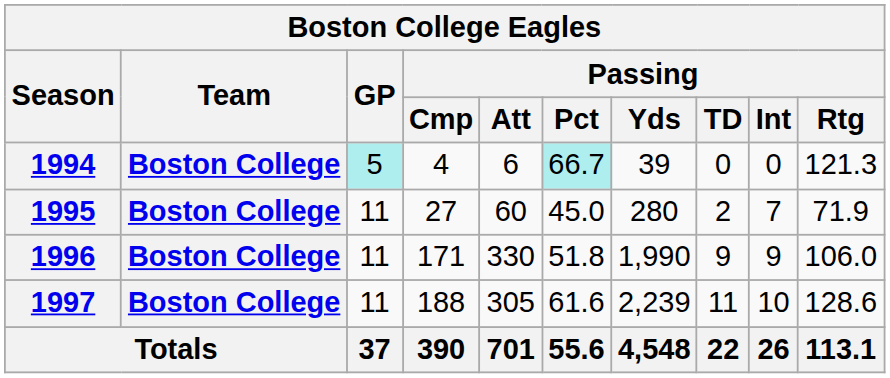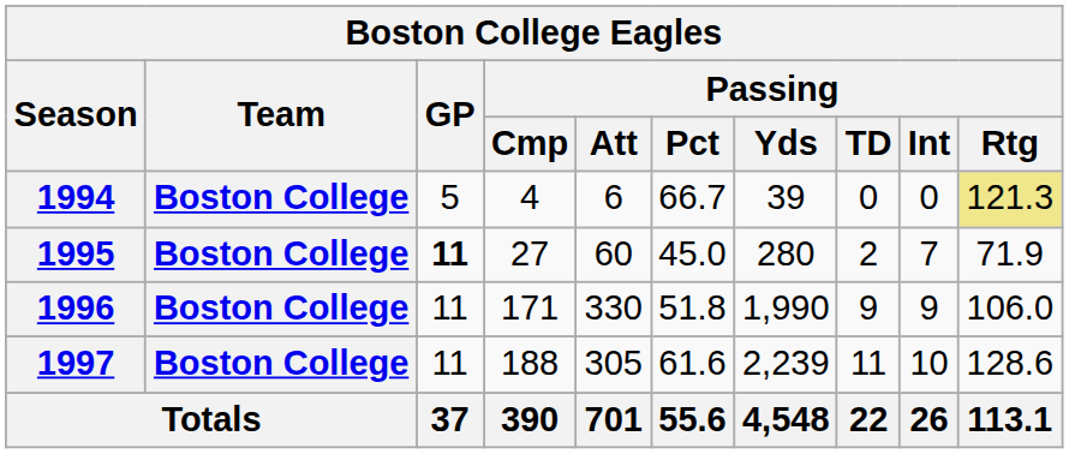 <table class="wikitable" style="text-align:center;">
 <tr>
 <th colspan="10">Boston College Eagles</th>
 </tr>
 <tr>
 <th rowspan="2">Season</th>
 <th rowspan="2">Team</th>
 <th rowspan="2">GP</th>
 <th colspan="7">Passing</th>
 </tr>
 <tr>
 <th>Cmp</th>
 <th>Att</th>
 <th>Pct</th>
 <th>Yds</th>
 <th>TD</th>
 <th>Int</th>
 <th>Rtg</th>
 </tr>
 <tr>
 <th><a href='#'>1994</a></th>
 <th><a href='#'>Boston College</a></th>
-<td style="background: paleturquoise;">5</td>
+<td>5</td>
 <td>4</td>
 <td>6</td>
-<td style="background: paleturquoise;">66.7</td>
+<td>66.7</td>
 <td>39</td>
 <td>0</td>
 <td>0</td>
-<td>121.3</td>
+<td style="background: khaki;">121.3</td>
 </tr>
 <tr>
 <th><a href='#'>1995</a></th>
 <th><a href='#'>Boston College</a></th>
-<td>11</td>
+<td><strong>11</strong></td>
 <td>27</td>
 <td>60</td>
 <td>45.0</td>
 <td>280</td>
 <td>2</td>
 <td>7</td>
 <td>71.9</td>
 </tr>
 <tr>
 <th><a href='#'>1996</a></th>
 <th><a href='#'>Boston College</a></th>
 <td>11</td>
 <td>171</td>
 <td>330</td>
 <td>51.8</td>
 <td>1,990</td>
 <td>9</td>
 <td>9</td>
 <td>106.0</td>
 </tr>
 <tr>
 <th><a href='#'>1997</a></th>
 <th><a href='#'>Boston College</a></th>
 <td>11</td>
 <td>188</td>
 <td>305</td>
 <td>61.6</td>
 <td>2,239</td>
 <td>11</td>
 <td>10</td>
 <td>128.6</td>
 </tr>
 <tr>
 <th colspan="2">Totals</th>
 <th>37</th>
 <th>390</th>
 <th>701</th>
 <th>55.6</th>
 <th>4,548</th>
 <th>22</th>
 <th>26</th>
 <th>113.1</th>
 </tr>
 </table>
